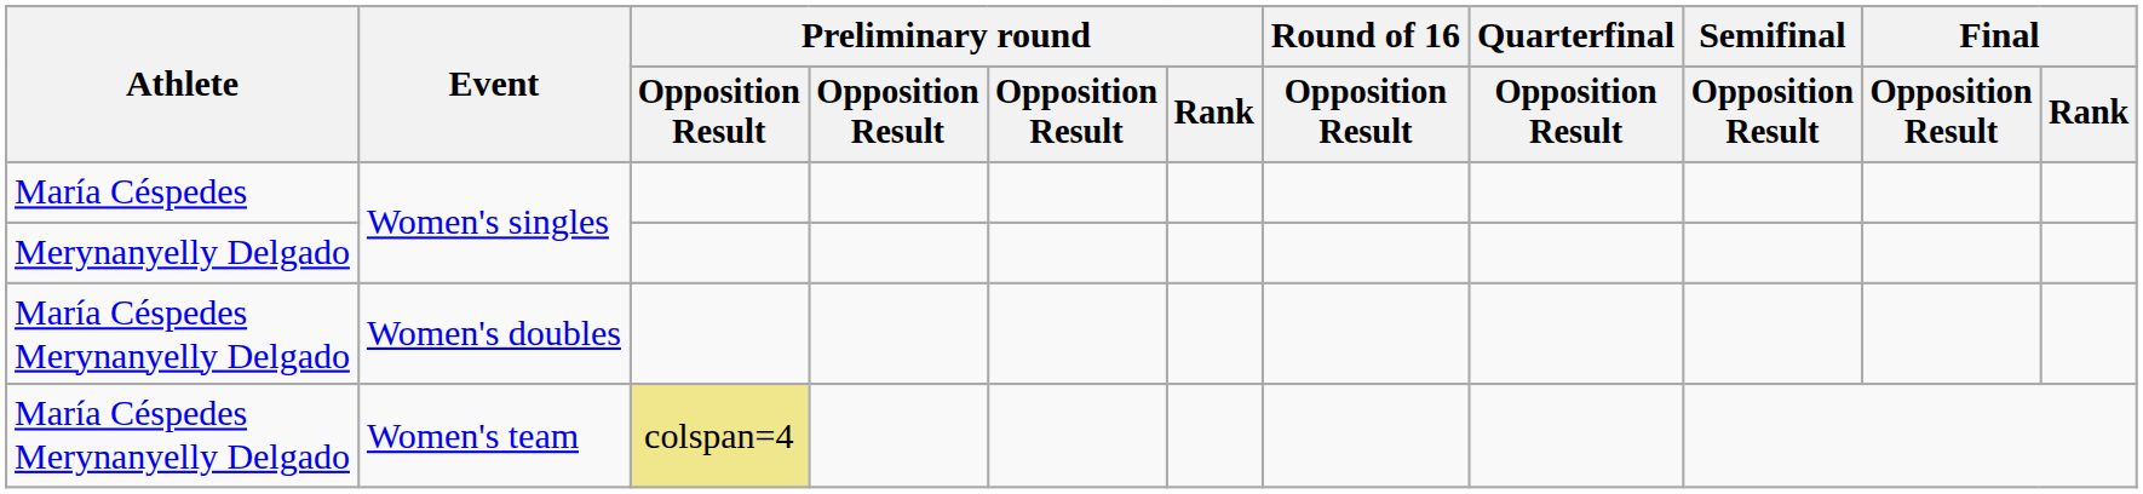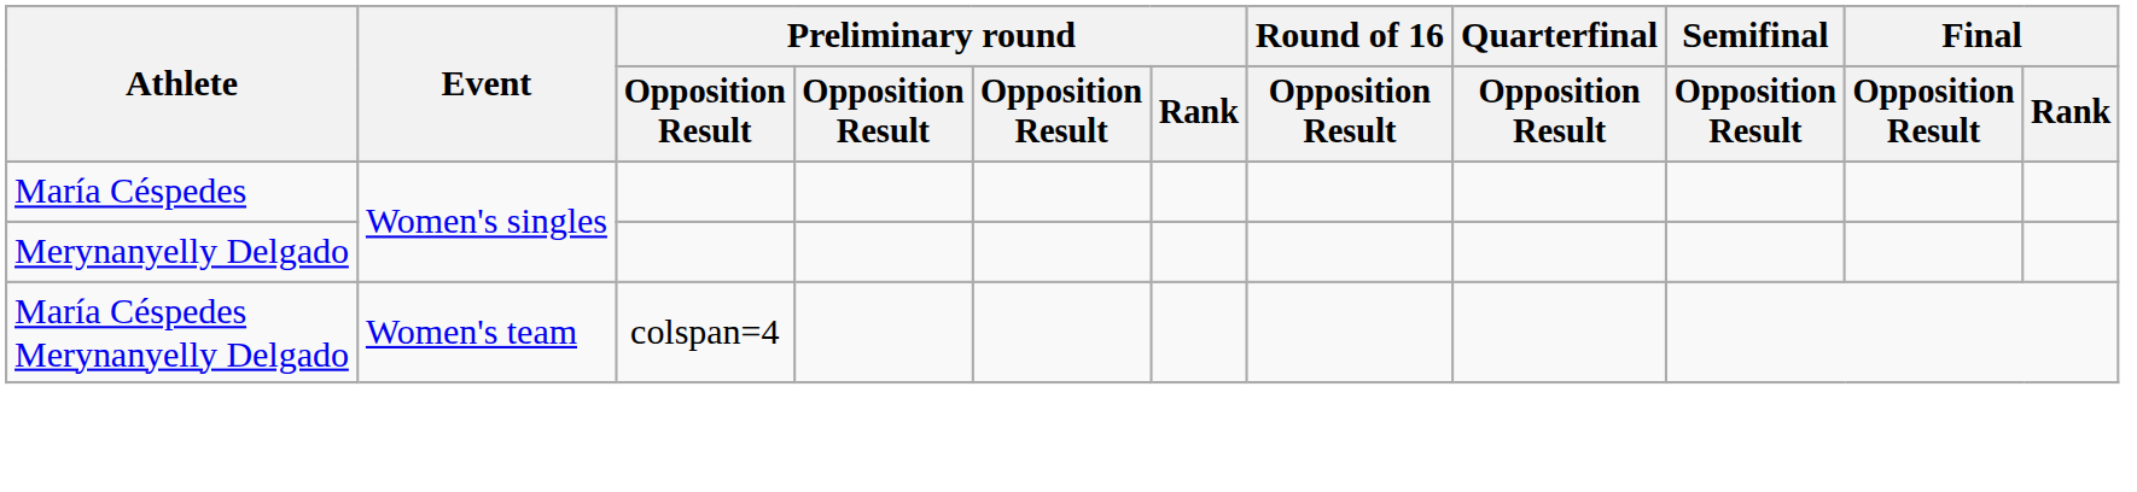 <table class="wikitable" style="font-size:90%;text-align:center">
 <tr>
 <th rowspan=2>Athlete</th>
 <th rowspan=2>Event</th>
 <th colspan=4>Preliminary round</th>
 <th>Round of 16</th>
 <th>Quarterfinal</th>
 <th>Semifinal</th>
 <th colspan=2>Final</th>
 </tr>
 <tr style=font-size:95%>
 <th>Opposition<br>Result</th>
 <th>Opposition<br>Result</th>
 <th>Opposition<br>Result</th>
 <th>Rank</th>
 <th>Opposition<br>Result</th>
 <th>Opposition<br>Result</th>
 <th>Opposition<br>Result</th>
 <th>Opposition<br>Result</th>
 <th>Rank</th>
 </tr>
 <tr>
 <td style="text-align:left"><a href='#'>María Céspedes</a></td>
 <td style="text-align:left" rowspan=2><a href='#'>Women's singles</a></td>
 <td></td>
 <td></td>
 <td></td>
 <td></td>
 <td></td>
 <td></td>
 <td></td>
 <td></td>
 <td></td>
 </tr>
 <tr>
 <td style="text-align:left"><a href='#'>Merynanyelly Delgado</a></td>
 <td></td>
 <td></td>
 <td></td>
 <td></td>
 <td></td>
 <td></td>
 <td></td>
 <td></td>
 <td></td>
 </tr>
 <tr>
 <td style="text-align:left"><a href='#'>María Céspedes</a><br><a href='#'>Merynanyelly Delgado</a></td>
-<td style="text-align:left"><a href='#'>Women's doubles</a></td>
-<td></td>
-<td></td>
-<td></td>
-<td></td>
-<td></td>
-<td></td>
-<td></td>
-<td></td>
-<td></td>
-</tr>
-<tr>
-<td style="text-align:left"><a href='#'>María Céspedes</a><br><a href='#'>Merynanyelly Delgado</a></td>
 <td style="text-align:left"><a href='#'>Women's team</a></td>
-<td style="background: khaki;">colspan=4 </td>
+<td>colspan=4 </td>
 <td></td>
 <td></td>
 <td></td>
 <td></td>
 <td></td>
 </tr>
 </table>
